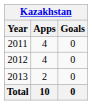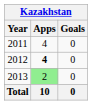 <table class="wikitable" style="text-align:center">
 <tr>
 <th colspan=3><a href='#'>Kazakhstan</a></th>
 </tr>
 <tr>
 <th>Year</th>
 <th>Apps</th>
 <th>Goals</th>
 </tr>
 <tr>
 <td>2011</td>
 <td>4</td>
 <td>0</td>
 </tr>
 <tr>
 <td>2012</td>
-<td>4</td>
+<td><strong>4</strong></td>
 <td>0</td>
 </tr>
 <tr>
 <td>2013</td>
-<td>2</td>
+<td style="background: lightgreen;">2</td>
 <td>0</td>
 </tr>
 <tr>
 <th>Total</th>
 <th>10</th>
 <th>0</th>
 </tr>
 </table>
